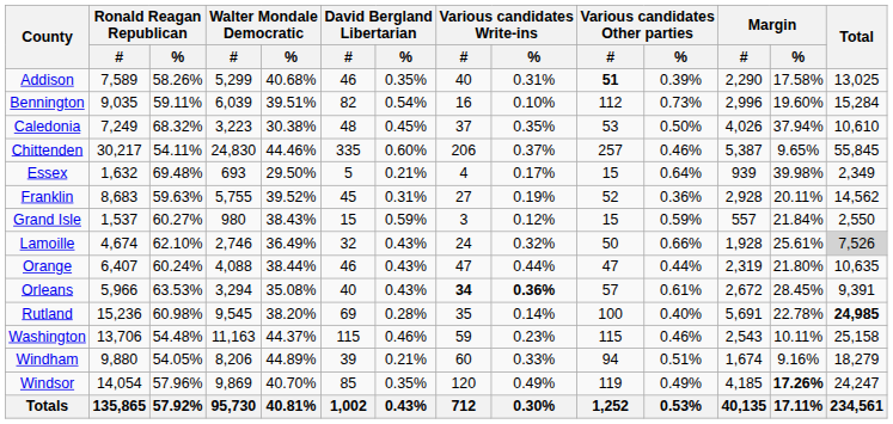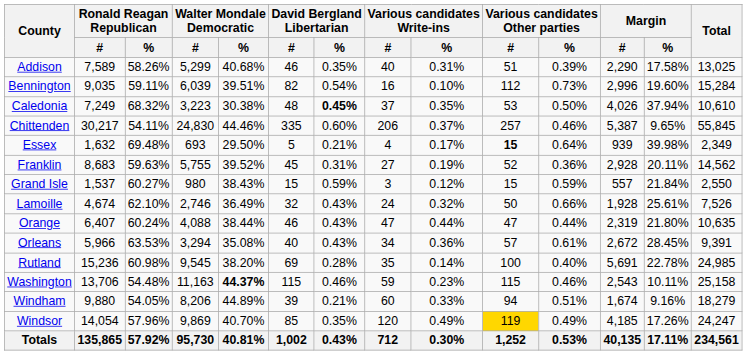 <table class="wikitable sortable">
 <tr>
 <th rowspan="2">County</th>
 <th colspan="2">Ronald Reagan<br>Republican</th>
 <th colspan="2">Walter Mondale<br>Democratic</th>
 <th colspan="2">David Bergland<br>Libertarian</th>
 <th colspan="2">Various candidates<br>Write-ins</th>
 <th colspan="2">Various candidates<br>Other parties</th>
 <th colspan="2">Margin</th>
 <th rowspan="2">Total</th>
 </tr>
 <tr bgcolor="lightgrey">
 <th data-sort-type="number">#</th>
 <th data-sort-type="number">%</th>
 <th data-sort-type="number">#</th>
 <th data-sort-type="number">%</th>
 <th data-sort-type="number">#</th>
 <th data-sort-type="number">%</th>
 <th data-sort-type="number">#</th>
 <th data-sort-type="number">%</th>
 <th data-sort-type="number">#</th>
 <th data-sort-type="number">%</th>
 <th data-sort-type="number">#</th>
 <th data-sort-type="number">%</th>
 </tr>
 <tr style="text-align:center;">
 <td><a href='#'>Addison</a></td>
 <td>7,589</td>
 <td>58.26%</td>
 <td>5,299</td>
 <td>40.68%</td>
 <td>46</td>
 <td>0.35%</td>
 <td>40</td>
 <td>0.31%</td>
-<td><strong>51</strong></td>
+<td>51</td>
 <td>0.39%</td>
 <td>2,290</td>
 <td>17.58%</td>
 <td>13,025</td>
 </tr>
 <tr style="text-align:center;">
 <td><a href='#'>Bennington</a></td>
 <td>9,035</td>
 <td>59.11%</td>
 <td>6,039</td>
 <td>39.51%</td>
 <td>82</td>
 <td>0.54%</td>
 <td>16</td>
 <td>0.10%</td>
 <td>112</td>
 <td>0.73%</td>
 <td>2,996</td>
 <td>19.60%</td>
 <td>15,284</td>
 </tr>
 <tr style="text-align:center;">
 <td><a href='#'>Caledonia</a></td>
 <td>7,249</td>
 <td>68.32%</td>
 <td>3,223</td>
 <td>30.38%</td>
 <td>48</td>
-<td>0.45%</td>
+<td><strong>0.45%</strong></td>
 <td>37</td>
 <td>0.35%</td>
 <td>53</td>
 <td>0.50%</td>
 <td>4,026</td>
 <td>37.94%</td>
 <td>10,610</td>
 </tr>
 <tr style="text-align:center;">
 <td><a href='#'>Chittenden</a></td>
 <td>30,217</td>
 <td>54.11%</td>
 <td>24,830</td>
 <td>44.46%</td>
 <td>335</td>
 <td>0.60%</td>
 <td>206</td>
 <td>0.37%</td>
 <td>257</td>
 <td>0.46%</td>
 <td>5,387</td>
 <td>9.65%</td>
 <td>55,845</td>
 </tr>
 <tr style="text-align:center;">
 <td><a href='#'>Essex</a></td>
 <td>1,632</td>
 <td>69.48%</td>
 <td>693</td>
 <td>29.50%</td>
 <td>5</td>
 <td>0.21%</td>
 <td>4</td>
 <td>0.17%</td>
-<td>15</td>
+<td><strong>15</strong></td>
 <td>0.64%</td>
 <td>939</td>
 <td>39.98%</td>
 <td>2,349</td>
 </tr>
 <tr style="text-align:center;">
 <td><a href='#'>Franklin</a></td>
 <td>8,683</td>
 <td>59.63%</td>
 <td>5,755</td>
 <td>39.52%</td>
 <td>45</td>
 <td>0.31%</td>
 <td>27</td>
 <td>0.19%</td>
 <td>52</td>
 <td>0.36%</td>
 <td>2,928</td>
 <td>20.11%</td>
 <td>14,562</td>
 </tr>
 <tr style="text-align:center;">
 <td><a href='#'>Grand Isle</a></td>
 <td>1,537</td>
 <td>60.27%</td>
 <td>980</td>
 <td>38.43%</td>
 <td>15</td>
 <td>0.59%</td>
 <td>3</td>
 <td>0.12%</td>
 <td>15</td>
 <td>0.59%</td>
 <td>557</td>
 <td>21.84%</td>
 <td>2,550</td>
 </tr>
 <tr style="text-align:center;">
 <td><a href='#'>Lamoille</a></td>
 <td>4,674</td>
 <td>62.10%</td>
 <td>2,746</td>
 <td>36.49%</td>
 <td>32</td>
 <td>0.43%</td>
 <td>24</td>
 <td>0.32%</td>
 <td>50</td>
 <td>0.66%</td>
 <td>1,928</td>
 <td>25.61%</td>
-<td style="background: lightgrey;">7,526</td>
+<td>7,526</td>
 </tr>
 <tr style="text-align:center;">
 <td><a href='#'>Orange</a></td>
 <td>6,407</td>
 <td>60.24%</td>
 <td>4,088</td>
 <td>38.44%</td>
 <td>46</td>
 <td>0.43%</td>
 <td>47</td>
 <td>0.44%</td>
 <td>47</td>
 <td>0.44%</td>
 <td>2,319</td>
 <td>21.80%</td>
 <td>10,635</td>
 </tr>
 <tr style="text-align:center;">
 <td><a href='#'>Orleans</a></td>
 <td>5,966</td>
 <td>63.53%</td>
 <td>3,294</td>
 <td>35.08%</td>
 <td>40</td>
 <td>0.43%</td>
-<td><strong>34</strong></td>
-<td><strong>0.36%</strong></td>
+<td>34</td>
+<td>0.36%</td>
 <td>57</td>
 <td>0.61%</td>
 <td>2,672</td>
 <td>28.45%</td>
 <td>9,391</td>
 </tr>
 <tr style="text-align:center;">
 <td><a href='#'>Rutland</a></td>
 <td>15,236</td>
 <td>60.98%</td>
 <td>9,545</td>
 <td>38.20%</td>
 <td>69</td>
 <td>0.28%</td>
 <td>35</td>
 <td>0.14%</td>
 <td>100</td>
 <td>0.40%</td>
 <td>5,691</td>
 <td>22.78%</td>
-<td><strong>24,985</strong></td>
+<td>24,985</td>
 </tr>
 <tr style="text-align:center;">
 <td><a href='#'>Washington</a></td>
 <td>13,706</td>
 <td>54.48%</td>
 <td>11,163</td>
-<td>44.37%</td>
+<td><strong>44.37%</strong></td>
 <td>115</td>
 <td>0.46%</td>
 <td>59</td>
 <td>0.23%</td>
 <td>115</td>
 <td>0.46%</td>
 <td>2,543</td>
 <td>10.11%</td>
 <td>25,158</td>
 </tr>
 <tr style="text-align:center;">
 <td><a href='#'>Windham</a></td>
 <td>9,880</td>
 <td>54.05%</td>
 <td>8,206</td>
 <td>44.89%</td>
 <td>39</td>
 <td>0.21%</td>
 <td>60</td>
 <td>0.33%</td>
 <td>94</td>
 <td>0.51%</td>
 <td>1,674</td>
 <td>9.16%</td>
 <td>18,279</td>
 </tr>
 <tr style="text-align:center;">
 <td><a href='#'>Windsor</a></td>
 <td>14,054</td>
 <td>57.96%</td>
 <td>9,869</td>
 <td>40.70%</td>
 <td>85</td>
 <td>0.35%</td>
 <td>120</td>
 <td>0.49%</td>
-<td>119</td>
+<td style="background: gold;">119</td>
 <td>0.49%</td>
 <td>4,185</td>
-<td><strong>17.26%</strong></td>
+<td>17.26%</td>
 <td>24,247</td>
 </tr>
 <tr>
 <th>Totals</th>
 <th>135,865</th>
 <th>57.92%</th>
 <th>95,730</th>
 <th>40.81%</th>
 <th>1,002</th>
 <th>0.43%</th>
 <th>712</th>
 <th>0.30%</th>
 <th>1,252</th>
 <th>0.53%</th>
 <th>40,135</th>
 <th>17.11%</th>
 <th>234,561</th>
 </tr>
 </table>
